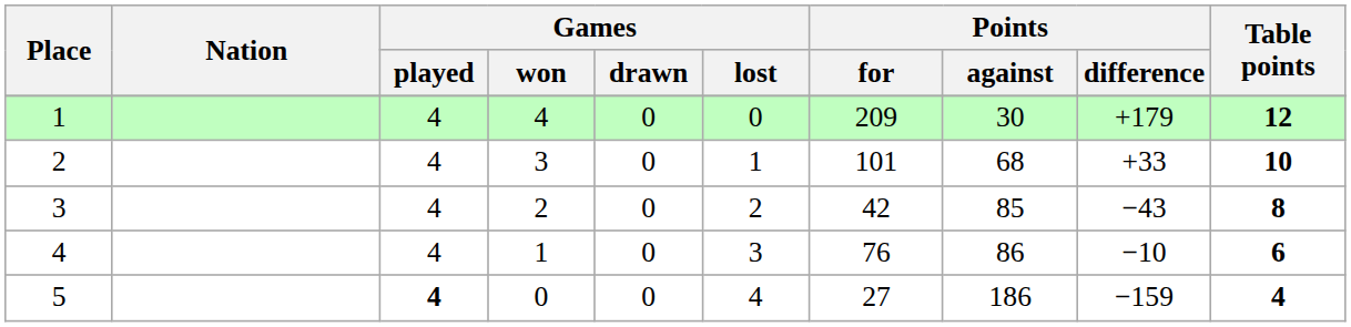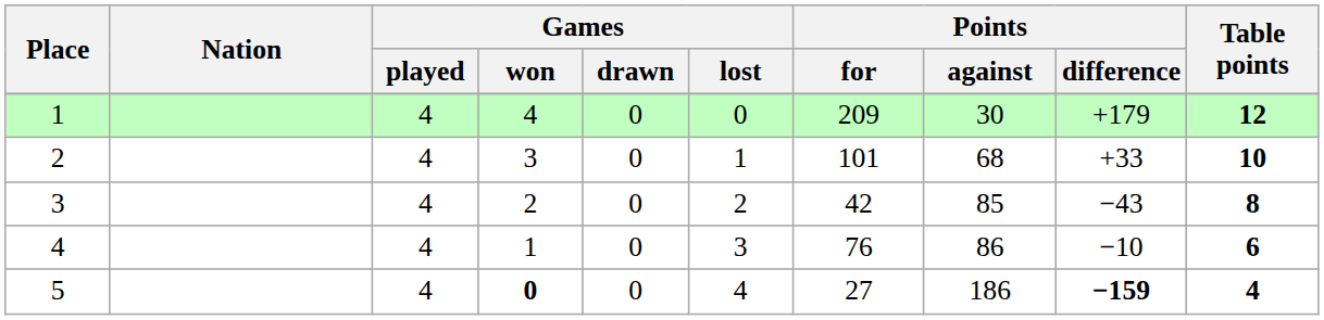 <table class="wikitable">
 <tr>
 <th rowspan=2 width="8%">Place</th>
 <th rowspan=2 width="20%">Nation</th>
 <th colspan=4 width="32%">Games</th>
 <th colspan=3 width="30%">Points</th>
 <th rowspan=2 width="10%">Table<br>points</th>
 </tr>
 <tr>
 <th width="8%">played</th>
 <th width="8%">won</th>
 <th width="8%">drawn</th>
 <th width="8%">lost</th>
 <th width="10%">for</th>
 <th width="10%">against</th>
 <th width="10%">difference</th>
 </tr>
 <tr>
 </tr>
 <tr bgcolor=#C0FFC0 align=center>
 <td>1</td>
 <td align=left></td>
 <td>4</td>
 <td>4</td>
 <td>0</td>
 <td>0</td>
 <td>209</td>
 <td>30</td>
 <td>+179</td>
 <td><strong>12</strong></td>
 </tr>
 <tr bgcolor=#ffffff align=center>
 <td>2</td>
 <td align=left></td>
 <td>4</td>
 <td>3</td>
 <td>0</td>
 <td>1</td>
 <td>101</td>
 <td>68</td>
 <td>+33</td>
 <td><strong>10</strong></td>
 </tr>
 <tr bgcolor=#ffffff align=center>
 <td>3</td>
 <td align=left></td>
 <td>4</td>
 <td>2</td>
 <td>0</td>
 <td>2</td>
 <td>42</td>
 <td>85</td>
 <td>−43</td>
 <td><strong>8</strong></td>
 </tr>
 <tr bgcolor=#ffffff align=center>
 <td>4</td>
 <td align=left></td>
 <td>4</td>
 <td>1</td>
 <td>0</td>
 <td>3</td>
 <td>76</td>
 <td>86</td>
 <td>−10</td>
 <td><strong>6</strong></td>
 </tr>
 <tr bgcolor=#ffffff align=center>
 <td>5</td>
 <td align=left></td>
-<td><strong>4</strong></td>
-<td>0</td>
+<td>4</td>
+<td><strong>0</strong></td>
 <td>0</td>
 <td>4</td>
 <td>27</td>
 <td>186</td>
-<td>−159</td>
+<td><strong>−159</strong></td>
 <td><strong>4</strong></td>
 </tr>
 </table>
